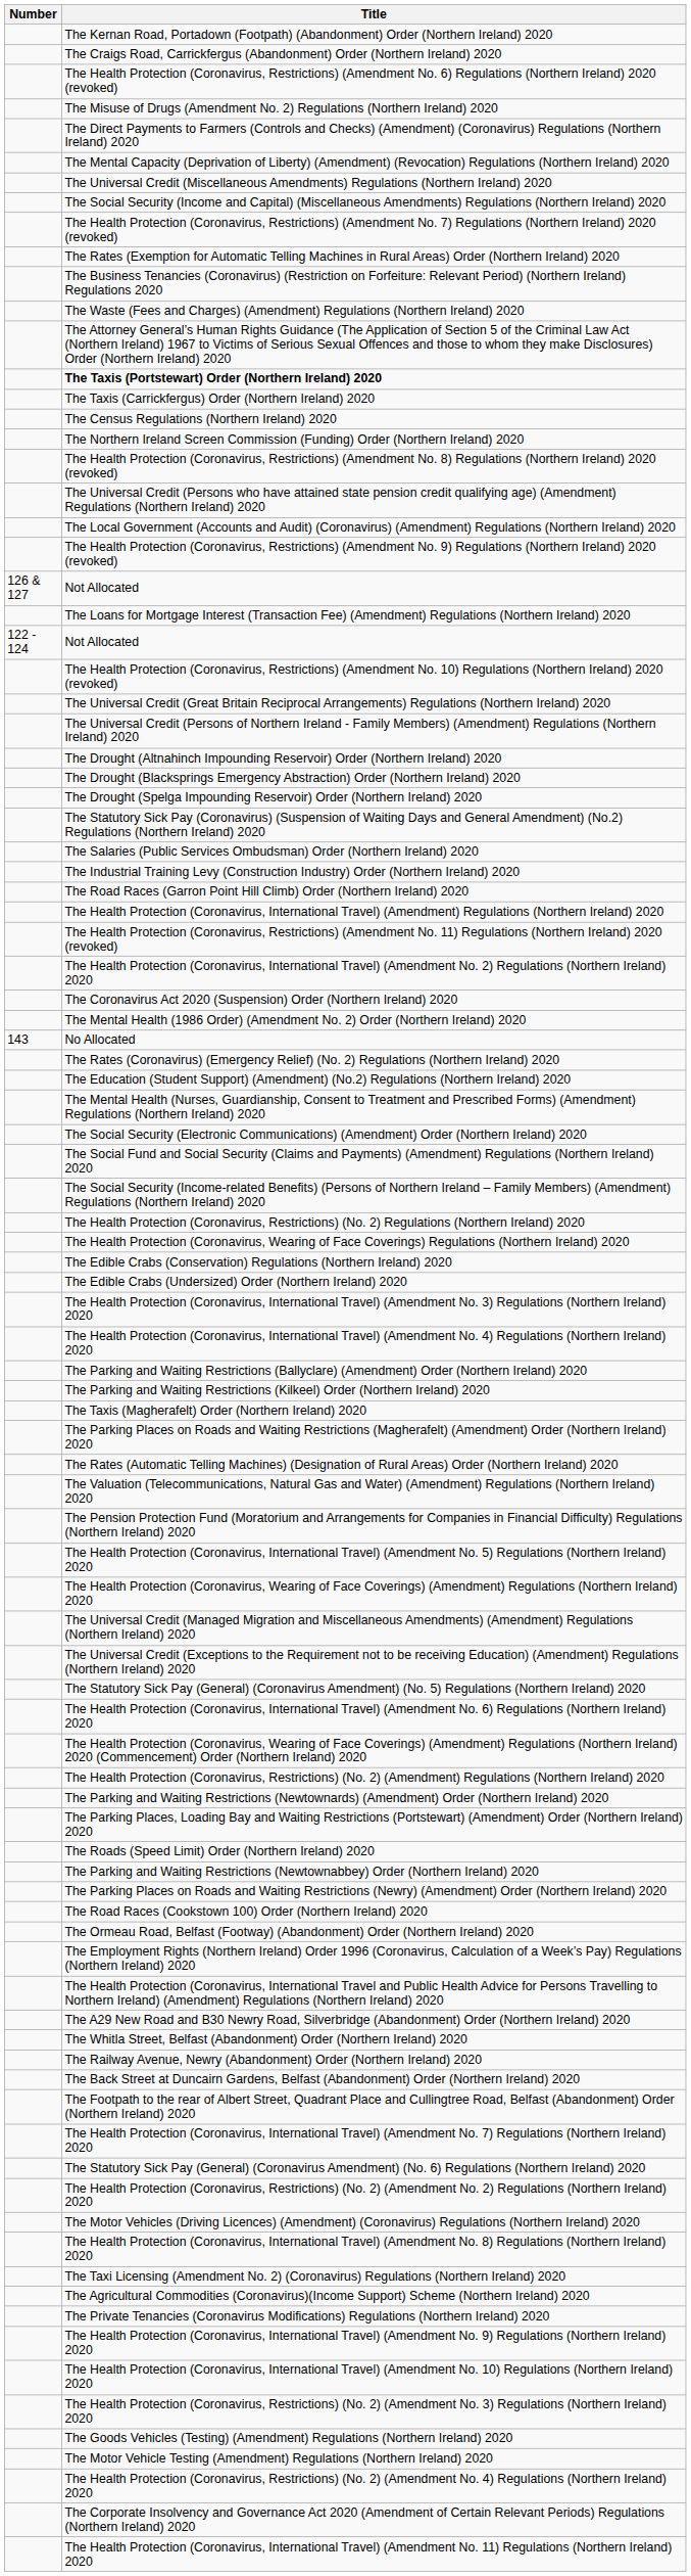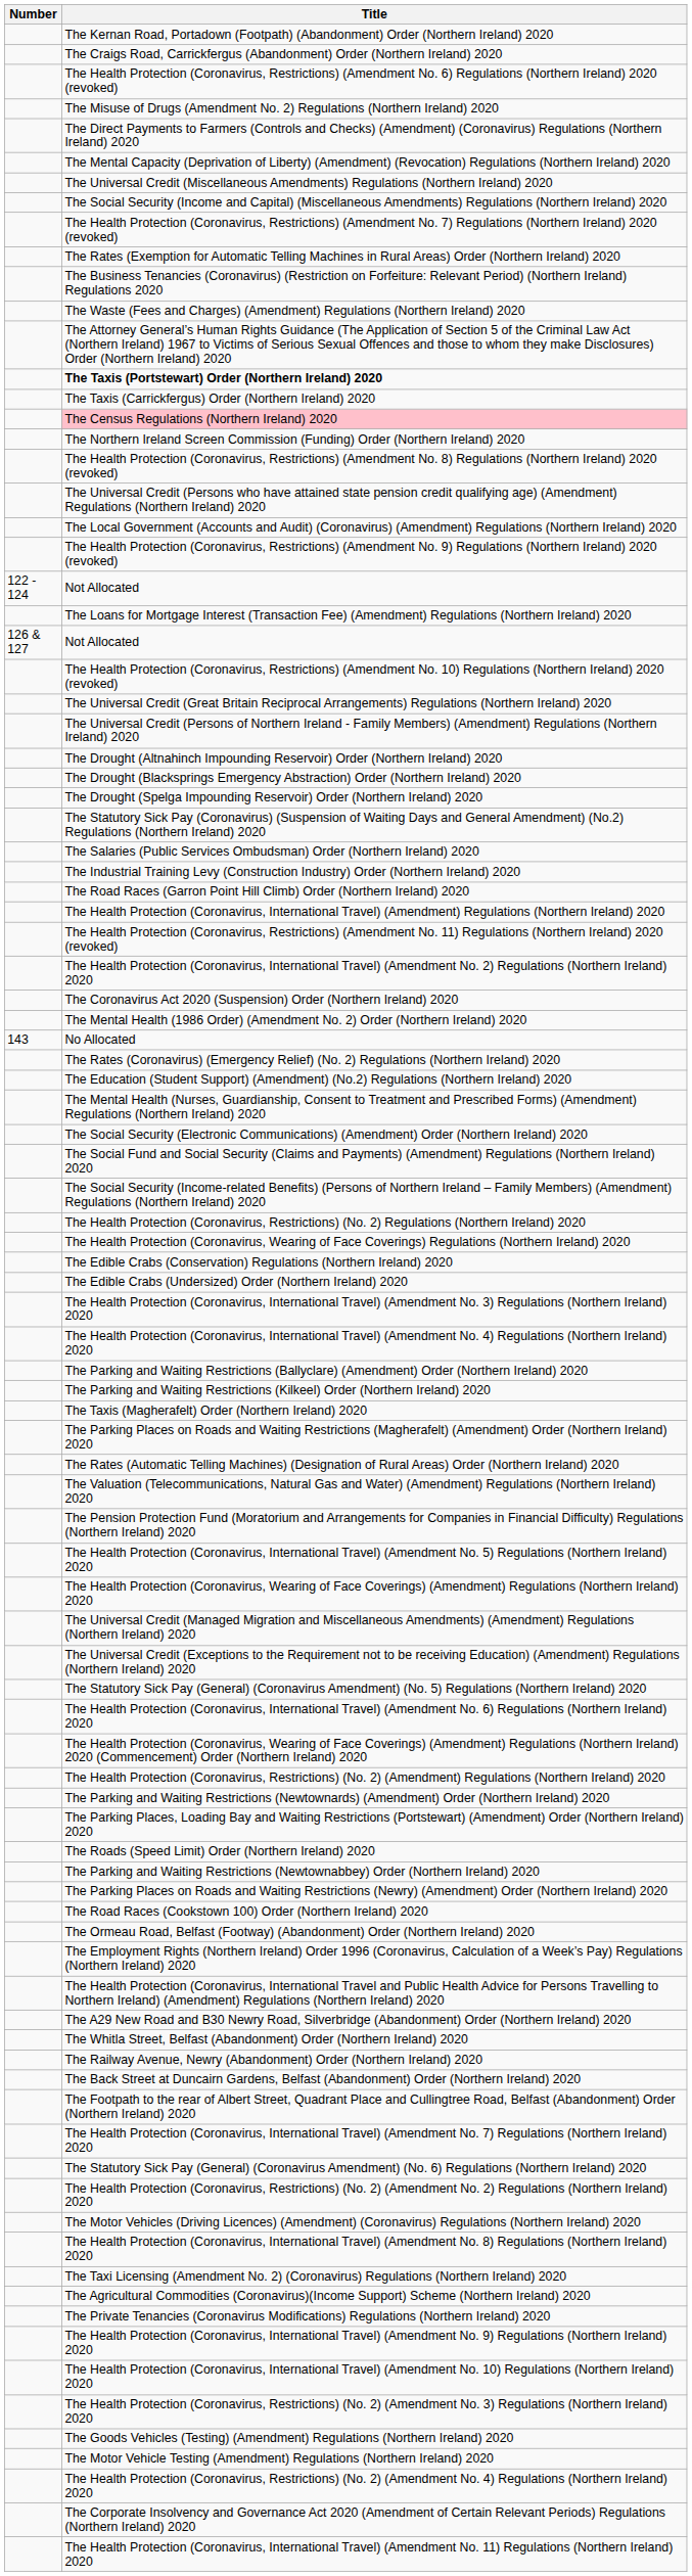 <table class="wikitable collapsible">
 <tr>
 <th>Number</th>
 <th>Title</th>
 </tr>
 <tr>
 <td></td>
 <td>The Kernan Road, Portadown (Footpath) (Abandonment) Order (Northern Ireland) 2020</td>
 </tr>
 <tr>
 <td></td>
 <td>The Craigs Road, Carrickfergus (Abandonment) Order (Northern Ireland) 2020</td>
 </tr>
 <tr>
 <td></td>
 <td>The Health Protection (Coronavirus, Restrictions) (Amendment No. 6) Regulations (Northern Ireland) 2020 (revoked)</td>
 </tr>
 <tr>
 <td></td>
 <td>The Misuse of Drugs (Amendment No. 2) Regulations (Northern Ireland) 2020</td>
 </tr>
 <tr>
 <td></td>
 <td>The Direct Payments to Farmers (Controls and Checks) (Amendment) (Coronavirus) Regulations (Northern Ireland) 2020</td>
 </tr>
 <tr>
 <td></td>
 <td>The Mental Capacity (Deprivation of Liberty) (Amendment) (Revocation) Regulations (Northern Ireland) 2020</td>
 </tr>
 <tr>
 <td></td>
 <td>The Universal Credit (Miscellaneous Amendments) Regulations (Northern Ireland) 2020</td>
 </tr>
 <tr>
 <td></td>
 <td>The Social Security (Income and Capital) (Miscellaneous Amendments) Regulations (Northern Ireland) 2020</td>
 </tr>
 <tr>
 <td></td>
 <td>The Health Protection (Coronavirus, Restrictions) (Amendment No. 7) Regulations (Northern Ireland) 2020 (revoked)</td>
 </tr>
 <tr>
 <td></td>
 <td>The Rates (Exemption for Automatic Telling Machines in Rural Areas) Order (Northern Ireland) 2020</td>
 </tr>
 <tr>
 <td></td>
 <td>The Business Tenancies (Coronavirus) (Restriction on Forfeiture: Relevant Period) (Northern Ireland) Regulations 2020</td>
 </tr>
 <tr>
 <td></td>
 <td>The Waste (Fees and Charges) (Amendment) Regulations (Northern Ireland) 2020</td>
 </tr>
 <tr>
 <td></td>
 <td>The Attorney General’s Human Rights Guidance (The Application of Section 5 of the Criminal Law Act (Northern Ireland) 1967 to Victims of Serious Sexual Offences and those to whom they make Disclosures) Order (Northern Ireland) 2020</td>
 </tr>
 <tr>
 <td></td>
 <td><strong>The Taxis (Portstewart) Order (Northern Ireland) 2020</strong></td>
 </tr>
 <tr>
 <td></td>
 <td>The Taxis (Carrickfergus) Order (Northern Ireland) 2020</td>
 </tr>
 <tr>
 <td></td>
-<td>The Census Regulations (Northern Ireland) 2020</td>
+<td style="background: pink;">The Census Regulations (Northern Ireland) 2020</td>
 </tr>
 <tr>
 <td></td>
 <td>The Northern Ireland Screen Commission (Funding) Order (Northern Ireland) 2020</td>
 </tr>
 <tr>
 <td></td>
 <td>The Health Protection (Coronavirus, Restrictions) (Amendment No. 8) Regulations (Northern Ireland) 2020 (revoked)</td>
 </tr>
 <tr>
 <td></td>
 <td>The Universal Credit (Persons who have attained state pension credit qualifying age) (Amendment) Regulations (Northern Ireland) 2020</td>
 </tr>
 <tr>
 <td></td>
 <td>The Local Government (Accounts and Audit) (Coronavirus) (Amendment) Regulations (Northern Ireland) 2020</td>
 </tr>
 <tr>
 <td></td>
 <td>The Health Protection (Coronavirus, Restrictions) (Amendment No. 9) Regulations (Northern Ireland) 2020 (revoked)</td>
 </tr>
 <tr>
-<td>126 & 127</td>
+<td>122 - 124</td>
 <td>Not Allocated</td>
 </tr>
 <tr>
 <td></td>
 <td>The Loans for Mortgage Interest (Transaction Fee) (Amendment) Regulations (Northern Ireland) 2020</td>
 </tr>
 <tr>
-<td>122 - 124</td>
+<td>126 & 127</td>
 <td>Not Allocated</td>
 </tr>
 <tr>
 <td></td>
 <td>The Health Protection (Coronavirus, Restrictions) (Amendment No. 10) Regulations (Northern Ireland) 2020 (revoked)</td>
 </tr>
 <tr>
 <td></td>
 <td>The Universal Credit (Great Britain Reciprocal Arrangements) Regulations (Northern Ireland) 2020</td>
 </tr>
 <tr>
 <td></td>
 <td>The Universal Credit (Persons of Northern Ireland - Family Members) (Amendment) Regulations (Northern Ireland) 2020</td>
 </tr>
 <tr>
 <td></td>
 <td>The Drought (Altnahinch Impounding Reservoir) Order (Northern Ireland) 2020</td>
 </tr>
 <tr>
 <td></td>
 <td>The Drought (Blacksprings Emergency Abstraction) Order (Northern Ireland) 2020</td>
 </tr>
 <tr>
 <td></td>
 <td>The Drought (Spelga Impounding Reservoir) Order (Northern Ireland) 2020</td>
 </tr>
 <tr>
 <td></td>
 <td>The Statutory Sick Pay (Coronavirus) (Suspension of Waiting Days and General Amendment) (No.2) Regulations (Northern Ireland) 2020</td>
 </tr>
 <tr>
 <td></td>
 <td>The Salaries (Public Services Ombudsman) Order (Northern Ireland) 2020</td>
 </tr>
 <tr>
 <td></td>
 <td>The Industrial Training Levy (Construction Industry) Order (Northern Ireland) 2020</td>
 </tr>
 <tr>
 <td></td>
 <td>The Road Races (Garron Point Hill Climb) Order (Northern Ireland) 2020</td>
 </tr>
 <tr>
 <td></td>
 <td>The Health Protection (Coronavirus, International Travel) (Amendment) Regulations (Northern Ireland) 2020</td>
 </tr>
 <tr>
 <td></td>
 <td>The Health Protection (Coronavirus, Restrictions) (Amendment No. 11) Regulations (Northern Ireland) 2020 (revoked)</td>
 </tr>
 <tr>
 <td></td>
 <td>The Health Protection (Coronavirus, International Travel) (Amendment No. 2) Regulations (Northern Ireland) 2020</td>
 </tr>
 <tr>
 <td></td>
 <td>The Coronavirus Act 2020 (Suspension) Order (Northern Ireland) 2020</td>
 </tr>
 <tr>
 <td></td>
 <td>The Mental Health (1986 Order) (Amendment No. 2) Order (Northern Ireland) 2020</td>
 </tr>
 <tr>
 <td>143</td>
 <td>No Allocated</td>
 </tr>
 <tr>
 <td></td>
 <td>The Rates (Coronavirus) (Emergency Relief) (No. 2) Regulations (Northern Ireland) 2020</td>
 </tr>
 <tr>
 <td></td>
 <td>The Education (Student Support) (Amendment) (No.2) Regulations (Northern Ireland) 2020</td>
 </tr>
 <tr>
 <td></td>
 <td>The Mental Health (Nurses, Guardianship, Consent to Treatment and Prescribed Forms) (Amendment) Regulations (Northern Ireland) 2020</td>
 </tr>
 <tr>
 <td></td>
 <td>The Social Security (Electronic Communications) (Amendment) Order (Northern Ireland) 2020</td>
 </tr>
 <tr>
 <td></td>
 <td>The Social Fund and Social Security (Claims and Payments) (Amendment) Regulations (Northern Ireland) 2020</td>
 </tr>
 <tr>
 <td></td>
 <td>The Social Security (Income-related Benefits) (Persons of Northern Ireland – Family Members) (Amendment) Regulations (Northern Ireland) 2020</td>
 </tr>
 <tr>
 <td></td>
 <td>The Health Protection (Coronavirus, Restrictions) (No. 2) Regulations (Northern Ireland) 2020</td>
 </tr>
 <tr>
 <td></td>
 <td>The Health Protection (Coronavirus, Wearing of Face Coverings) Regulations (Northern Ireland) 2020</td>
 </tr>
 <tr>
 <td></td>
 <td>The Edible Crabs (Conservation) Regulations (Northern Ireland) 2020</td>
 </tr>
 <tr>
 <td></td>
 <td>The Edible Crabs (Undersized) Order (Northern Ireland) 2020</td>
 </tr>
 <tr>
 <td></td>
 <td>The Health Protection (Coronavirus, International Travel) (Amendment No. 3) Regulations (Northern Ireland) 2020</td>
 </tr>
 <tr>
 <td></td>
 <td>The Health Protection (Coronavirus, International Travel) (Amendment No. 4) Regulations (Northern Ireland) 2020</td>
 </tr>
 <tr>
 <td></td>
 <td>The Parking and Waiting Restrictions (Ballyclare) (Amendment) Order (Northern Ireland) 2020</td>
 </tr>
 <tr>
 <td></td>
 <td>The Parking and Waiting Restrictions (Kilkeel) Order (Northern Ireland) 2020</td>
 </tr>
 <tr>
 <td></td>
 <td>The Taxis (Magherafelt) Order (Northern Ireland) 2020</td>
 </tr>
 <tr>
 <td></td>
 <td>The Parking Places on Roads and Waiting Restrictions (Magherafelt) (Amendment) Order (Northern Ireland) 2020</td>
 </tr>
 <tr>
 <td></td>
 <td>The Rates (Automatic Telling Machines) (Designation of Rural Areas) Order (Northern Ireland) 2020</td>
 </tr>
 <tr>
 <td></td>
 <td>The Valuation (Telecommunications, Natural Gas and Water) (Amendment) Regulations (Northern Ireland) 2020</td>
 </tr>
 <tr>
 <td></td>
 <td>The Pension Protection Fund (Moratorium and Arrangements for Companies in Financial Difficulty) Regulations (Northern Ireland) 2020</td>
 </tr>
 <tr>
 <td></td>
 <td>The Health Protection (Coronavirus, International Travel) (Amendment No. 5) Regulations (Northern Ireland) 2020</td>
 </tr>
 <tr>
 <td></td>
 <td>The Health Protection (Coronavirus, Wearing of Face Coverings) (Amendment) Regulations (Northern Ireland) 2020</td>
 </tr>
 <tr>
 <td></td>
 <td>The Universal Credit (Managed Migration and Miscellaneous Amendments) (Amendment) Regulations (Northern Ireland) 2020</td>
 </tr>
 <tr>
 <td></td>
 <td>The Universal Credit (Exceptions to the Requirement not to be receiving Education) (Amendment) Regulations (Northern Ireland) 2020</td>
 </tr>
 <tr>
 <td></td>
 <td>The Statutory Sick Pay (General) (Coronavirus Amendment) (No. 5) Regulations (Northern Ireland) 2020</td>
 </tr>
 <tr>
 <td></td>
 <td>The Health Protection (Coronavirus, International Travel) (Amendment No. 6) Regulations (Northern Ireland) 2020</td>
 </tr>
 <tr>
 <td></td>
 <td>The Health Protection (Coronavirus, Wearing of Face Coverings) (Amendment) Regulations (Northern Ireland) 2020 (Commencement) Order (Northern Ireland) 2020</td>
 </tr>
 <tr>
 <td></td>
 <td>The Health Protection (Coronavirus, Restrictions) (No. 2) (Amendment) Regulations (Northern Ireland) 2020</td>
 </tr>
 <tr>
 <td></td>
 <td>The Parking and Waiting Restrictions (Newtownards) (Amendment) Order (Northern Ireland) 2020</td>
 </tr>
 <tr>
 <td></td>
 <td>The Parking Places, Loading Bay and Waiting Restrictions (Portstewart) (Amendment) Order (Northern Ireland) 2020</td>
 </tr>
 <tr>
 <td></td>
 <td>The Roads (Speed Limit) Order (Northern Ireland) 2020</td>
 </tr>
 <tr>
 <td></td>
 <td>The Parking and Waiting Restrictions (Newtownabbey) Order (Northern Ireland) 2020</td>
 </tr>
 <tr>
 <td></td>
 <td>The Parking Places on Roads and Waiting Restrictions (Newry) (Amendment) Order (Northern Ireland) 2020</td>
 </tr>
 <tr>
 <td></td>
 <td>The Road Races (Cookstown 100) Order (Northern Ireland) 2020</td>
 </tr>
 <tr>
 <td></td>
 <td>The Ormeau Road, Belfast (Footway) (Abandonment) Order (Northern Ireland) 2020</td>
 </tr>
 <tr>
 <td></td>
 <td>The Employment Rights (Northern Ireland) Order 1996 (Coronavirus, Calculation of a Week’s Pay) Regulations (Northern Ireland) 2020</td>
 </tr>
 <tr>
 <td></td>
 <td>The Health Protection (Coronavirus, International Travel and Public Health Advice for Persons Travelling to Northern Ireland) (Amendment) Regulations (Northern Ireland) 2020</td>
 </tr>
 <tr>
 <td></td>
 <td>The A29 New Road and B30 Newry Road, Silverbridge (Abandonment) Order (Northern Ireland) 2020</td>
 </tr>
 <tr>
 <td></td>
 <td>The Whitla Street, Belfast (Abandonment) Order (Northern Ireland) 2020</td>
 </tr>
 <tr>
 <td></td>
 <td>The Railway Avenue, Newry (Abandonment) Order (Northern Ireland) 2020</td>
 </tr>
 <tr>
 <td></td>
 <td>The Back Street at Duncairn Gardens, Belfast (Abandonment) Order (Northern Ireland) 2020</td>
 </tr>
 <tr>
 <td></td>
 <td>The Footpath to the rear of Albert Street, Quadrant Place and Cullingtree Road, Belfast (Abandonment) Order (Northern Ireland) 2020</td>
 </tr>
 <tr>
 <td></td>
 <td>The Health Protection (Coronavirus, International Travel) (Amendment No. 7) Regulations (Northern Ireland) 2020</td>
 </tr>
 <tr>
 <td></td>
 <td>The Statutory Sick Pay (General) (Coronavirus Amendment) (No. 6) Regulations (Northern Ireland) 2020</td>
 </tr>
 <tr>
 <td></td>
 <td>The Health Protection (Coronavirus, Restrictions) (No. 2) (Amendment No. 2) Regulations (Northern Ireland) 2020</td>
 </tr>
 <tr>
 <td></td>
 <td>The Motor Vehicles (Driving Licences) (Amendment) (Coronavirus) Regulations (Northern Ireland) 2020</td>
 </tr>
 <tr>
 <td></td>
 <td>The Health Protection (Coronavirus, International Travel) (Amendment No. 8) Regulations (Northern Ireland) 2020</td>
 </tr>
 <tr>
 <td></td>
 <td>The Taxi Licensing (Amendment No. 2) (Coronavirus) Regulations (Northern Ireland) 2020</td>
 </tr>
 <tr>
 <td></td>
 <td>The Agricultural Commodities (Coronavirus)(Income Support) Scheme (Northern Ireland) 2020</td>
 </tr>
 <tr>
 <td></td>
 <td>The Private Tenancies (Coronavirus Modifications) Regulations (Northern Ireland) 2020</td>
 </tr>
 <tr>
 <td></td>
 <td>The Health Protection (Coronavirus, International Travel) (Amendment No. 9) Regulations (Northern Ireland) 2020</td>
 </tr>
 <tr>
 <td></td>
 <td>The Health Protection (Coronavirus, International Travel) (Amendment No. 10) Regulations (Northern Ireland) 2020</td>
 </tr>
 <tr>
 <td></td>
 <td>The Health Protection (Coronavirus, Restrictions) (No. 2) (Amendment No. 3) Regulations (Northern Ireland) 2020</td>
 </tr>
 <tr>
 <td></td>
 <td>The Goods Vehicles (Testing) (Amendment) Regulations (Northern Ireland) 2020</td>
 </tr>
 <tr>
 <td></td>
 <td>The Motor Vehicle Testing (Amendment) Regulations (Northern Ireland) 2020</td>
 </tr>
 <tr>
 <td></td>
 <td>The Health Protection (Coronavirus, Restrictions) (No. 2) (Amendment No. 4) Regulations (Northern Ireland) 2020</td>
 </tr>
 <tr>
 <td></td>
 <td>The Corporate Insolvency and Governance Act 2020 (Amendment of Certain Relevant Periods) Regulations (Northern Ireland) 2020</td>
 </tr>
 <tr>
 <td></td>
 <td>The Health Protection (Coronavirus, International Travel) (Amendment No. 11) Regulations (Northern Ireland) 2020</td>
 </tr>
 </table>
